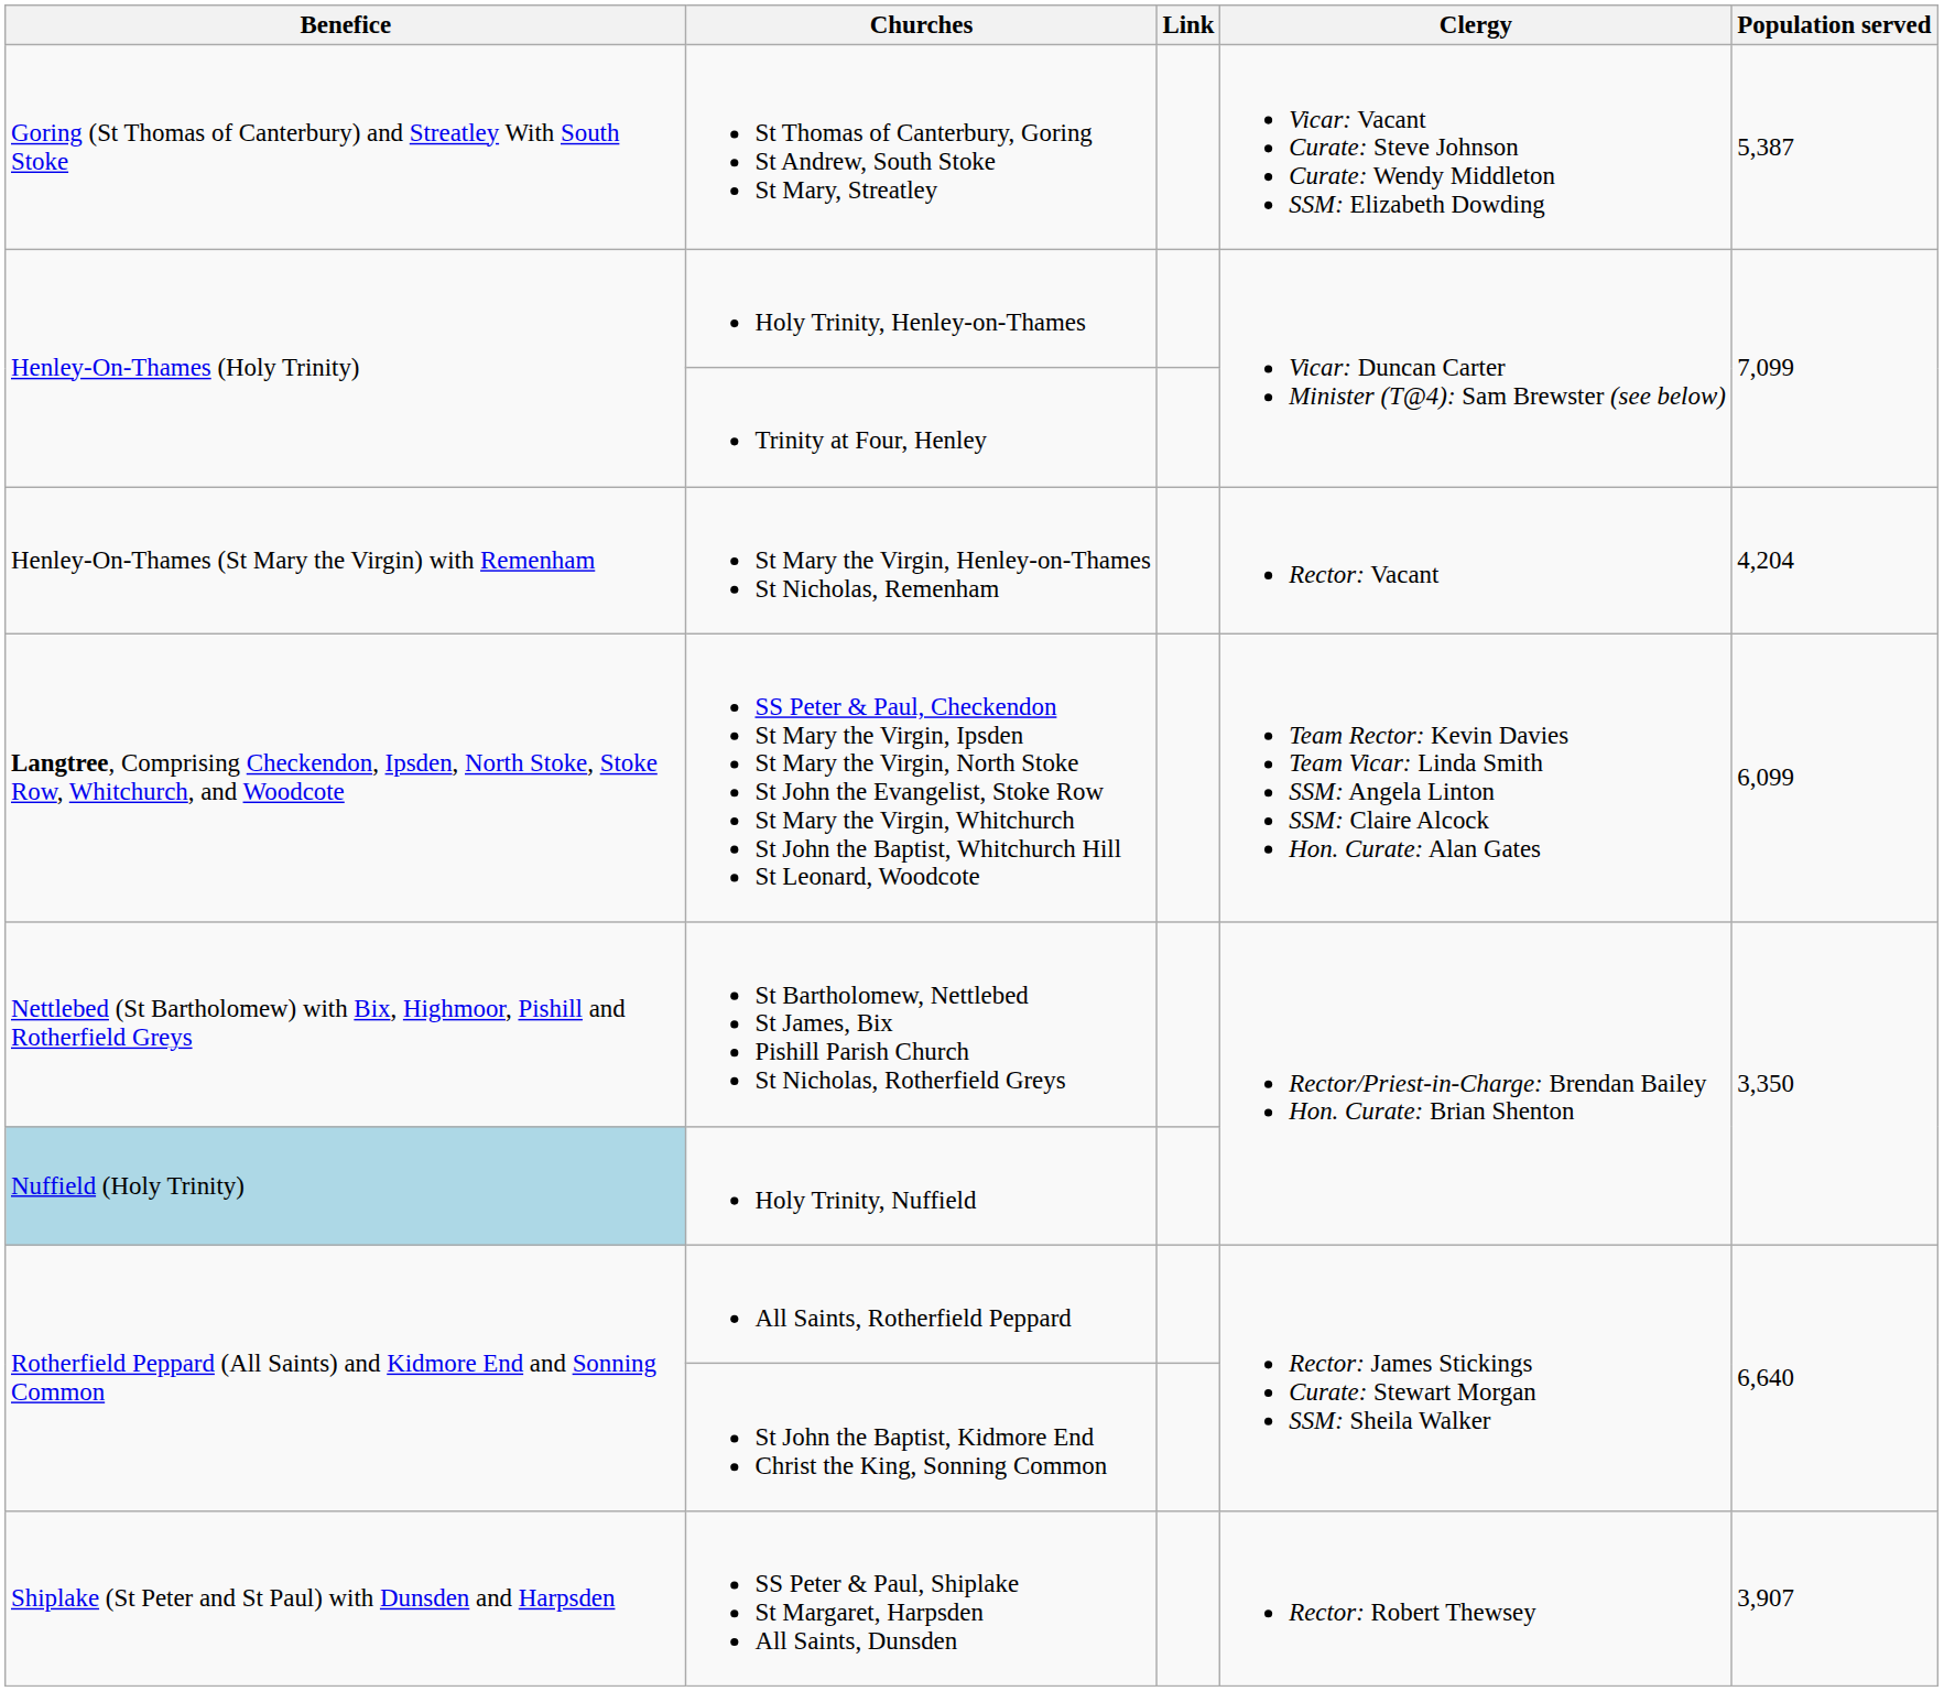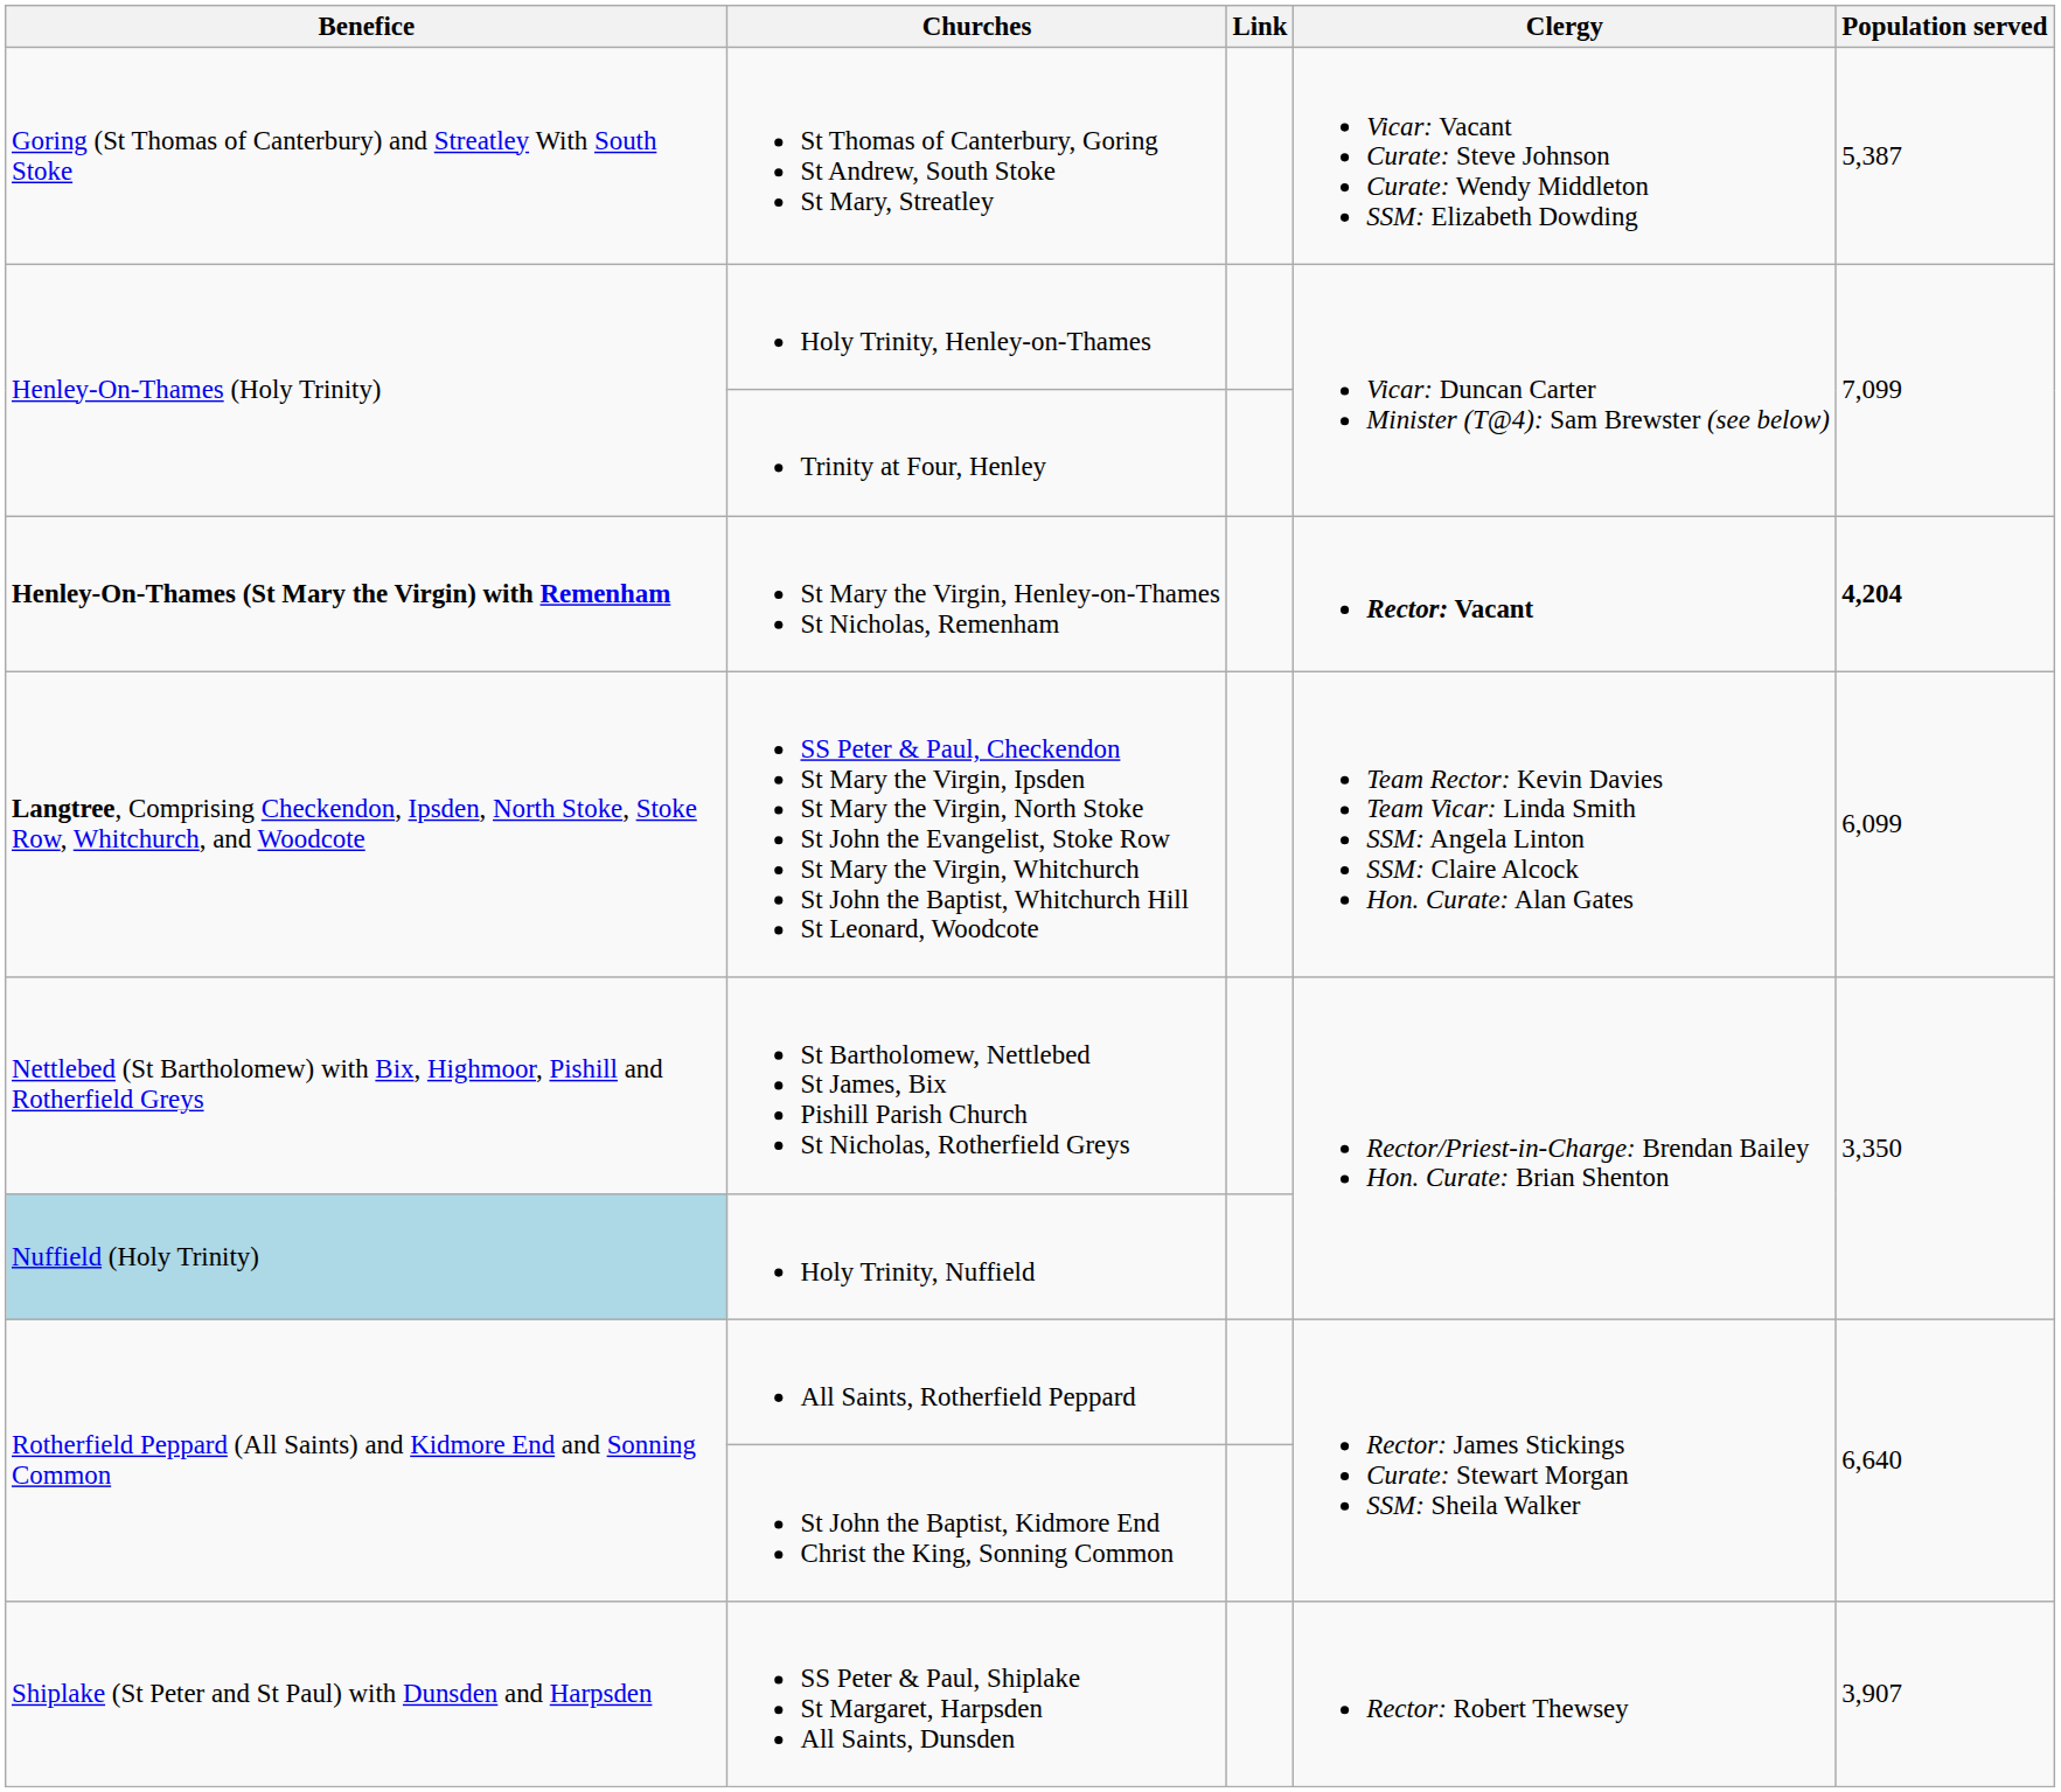 <table class="wikitable">
 <tr>
 <th width="425">Benefice</th>
 <th>Churches</th>
 <th>Link</th>
 <th>Clergy</th>
 <th>Population served</th>
 </tr>
 <tr>
 <td><a href='#'>Goring</a> (St Thomas of Canterbury) and <a href='#'>Streatley</a> With <a href='#'>South Stoke</a></td>
 <td><br><ul><li>St Thomas of Canterbury, Goring</li><li>St Andrew, South Stoke</li><li>St Mary, Streatley</li></ul></td>
 <td></td>
 <td><br><ul><li><em>Vicar:</em> Vacant</li><li><em>Curate:</em> Steve Johnson</li><li><em>Curate:</em> Wendy Middleton</li><li><em>SSM:</em> Elizabeth Dowding</li></ul></td>
 <td>5,387</td>
 </tr>
 <tr>
 <td rowspan="2"><a href='#'>Henley-On-Thames</a> (Holy Trinity)</td>
 <td><br><ul><li>Holy Trinity, Henley-on-Thames</li></ul></td>
 <td></td>
 <td rowspan="2"><br><ul><li><em>Vicar:</em> Duncan Carter</li><li><em>Minister (T@4):</em> Sam Brewster <em>(see below)</em></li></ul></td>
 <td rowspan="2">7,099</td>
 </tr>
 <tr>
 <td><br><ul><li>Trinity at Four, Henley</li></ul></td>
 <td></td>
 </tr>
 <tr>
-<td>Henley-On-Thames (St Mary the Virgin) with <a href='#'>Remenham</a></td>
+<td><strong>Henley-On-Thames (St Mary the Virgin) with <a href='#'>Remenham</a></strong></td>
 <td><br><ul><li>St Mary the Virgin, Henley-on-Thames</li><li>St Nicholas, Remenham</li></ul></td>
 <td></td>
-<td><br><ul><li><em>Rector:</em> Vacant</li></ul></td>
-<td>4,204</td>
+<td><strong><br><ul><li><em>Rector:</em> Vacant</li></ul></strong></td>
+<td><strong>4,204</strong></td>
 </tr>
 <tr>
 <td><strong>Langtree</strong>, Comprising <a href='#'>Checkendon</a>, <a href='#'>Ipsden</a>, <a href='#'>North Stoke</a>, <a href='#'>Stoke Row</a>, <a href='#'>Whitchurch</a>, and <a href='#'>Woodcote</a></td>
 <td><br><ul><li><a href='#'>SS Peter & Paul, Checkendon</a></li><li>St Mary the Virgin, Ipsden</li><li>St Mary the Virgin, North Stoke</li><li>St John the Evangelist, Stoke Row</li><li>St Mary the Virgin, Whitchurch</li><li>St John the Baptist, Whitchurch Hill</li><li>St Leonard, Woodcote</li></ul></td>
 <td></td>
 <td><br><ul><li><em>Team Rector:</em> Kevin Davies</li><li><em>Team Vicar:</em> Linda Smith</li><li><em>SSM:</em> Angela Linton</li><li><em>SSM:</em> Claire Alcock</li><li><em>Hon. Curate:</em> Alan Gates</li></ul></td>
 <td>6,099</td>
 </tr>
 <tr>
 <td><a href='#'>Nettlebed</a> (St Bartholomew) with <a href='#'>Bix</a>, <a href='#'>Highmoor</a>, <a href='#'>Pishill</a> and <a href='#'>Rotherfield Greys</a></td>
 <td><br><ul><li>St Bartholomew, Nettlebed</li><li>St James, Bix</li><li>Pishill Parish Church</li><li>St Nicholas, Rotherfield Greys</li></ul></td>
 <td></td>
 <td rowspan="2"><br><ul><li><em>Rector/Priest-in-Charge:</em> Brendan Bailey</li><li><em>Hon. Curate:</em> Brian Shenton</li></ul></td>
 <td rowspan="2">3,350</td>
 </tr>
 <tr>
 <td style="background: lightblue;"><a href='#'>Nuffield</a> (Holy Trinity)</td>
 <td><br><ul><li>Holy Trinity, Nuffield</li></ul></td>
 <td></td>
 </tr>
 <tr>
 <td rowspan="2"><a href='#'>Rotherfield Peppard</a> (All Saints) and <a href='#'>Kidmore End</a> and <a href='#'>Sonning Common</a></td>
 <td><br><ul><li>All Saints, Rotherfield Peppard</li></ul></td>
 <td></td>
 <td rowspan="2"><br><ul><li><em>Rector:</em> James Stickings</li><li><em>Curate:</em> Stewart Morgan</li><li><em>SSM:</em> Sheila Walker</li></ul></td>
 <td rowspan="2">6,640</td>
 </tr>
 <tr>
 <td><br><ul><li>St John the Baptist, Kidmore End</li><li>Christ the King, Sonning Common</li></ul></td>
 <td></td>
 </tr>
 <tr>
 <td><a href='#'>Shiplake</a> (St Peter and St Paul) with <a href='#'>Dunsden</a> and <a href='#'>Harpsden</a></td>
 <td><br><ul><li>SS Peter & Paul, Shiplake</li><li>St Margaret, Harpsden</li><li>All Saints, Dunsden</li></ul></td>
 <td></td>
 <td><br><ul><li><em>Rector:</em> Robert Thewsey</li></ul></td>
 <td>3,907</td>
 </tr>
 </table>
